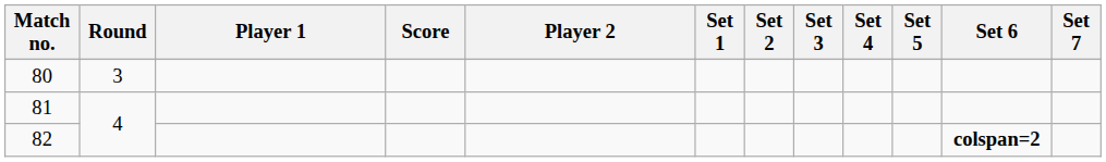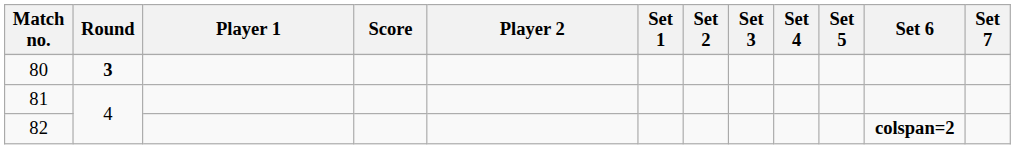 <table class="wikitable" style="text-align: center;">
 <tr>
 <th width="2%">Match no.</th>
 <th width="2%">Round</th>
 <th width="15%">Player 1</th>
 <th width="5%">Score</th>
 <th width="15%">Player 2</th>
 <th width="3%">Set 1</th>
 <th width="3%">Set 2</th>
 <th width="3%">Set 3</th>
 <th width="3%">Set 4</th>
 <th width="3%">Set 5</th>
 <th width="3%">Set 6</th>
 <th width="3%">Set 7</th>
 </tr>
 <tr>
 </tr>
 <tr style=text-align:center;>
 <td>80</td>
-<td>3</td>
+<td><strong>3</strong></td>
 <td></td>
 <td></td>
 <td></td>
 <td></td>
 <td></td>
 <td></td>
 <td></td>
 <td></td>
 <td></td>
 <td></td>
 </tr>
 <tr style=text-align:center;>
 <td>81</td>
 <td rowspan=2>4</td>
 <td></td>
 <td></td>
 <td></td>
 <td></td>
 <td></td>
 <td></td>
 <td></td>
 <td></td>
 <td></td>
 <td></td>
 </tr>
 <tr style=text-align:center;>
 <td>82</td>
 <td></td>
 <td></td>
 <td></td>
 <td></td>
 <td></td>
 <td></td>
 <td></td>
 <td></td>
 <td><strong>colspan=2</strong></td>
 </tr>
 </table>
